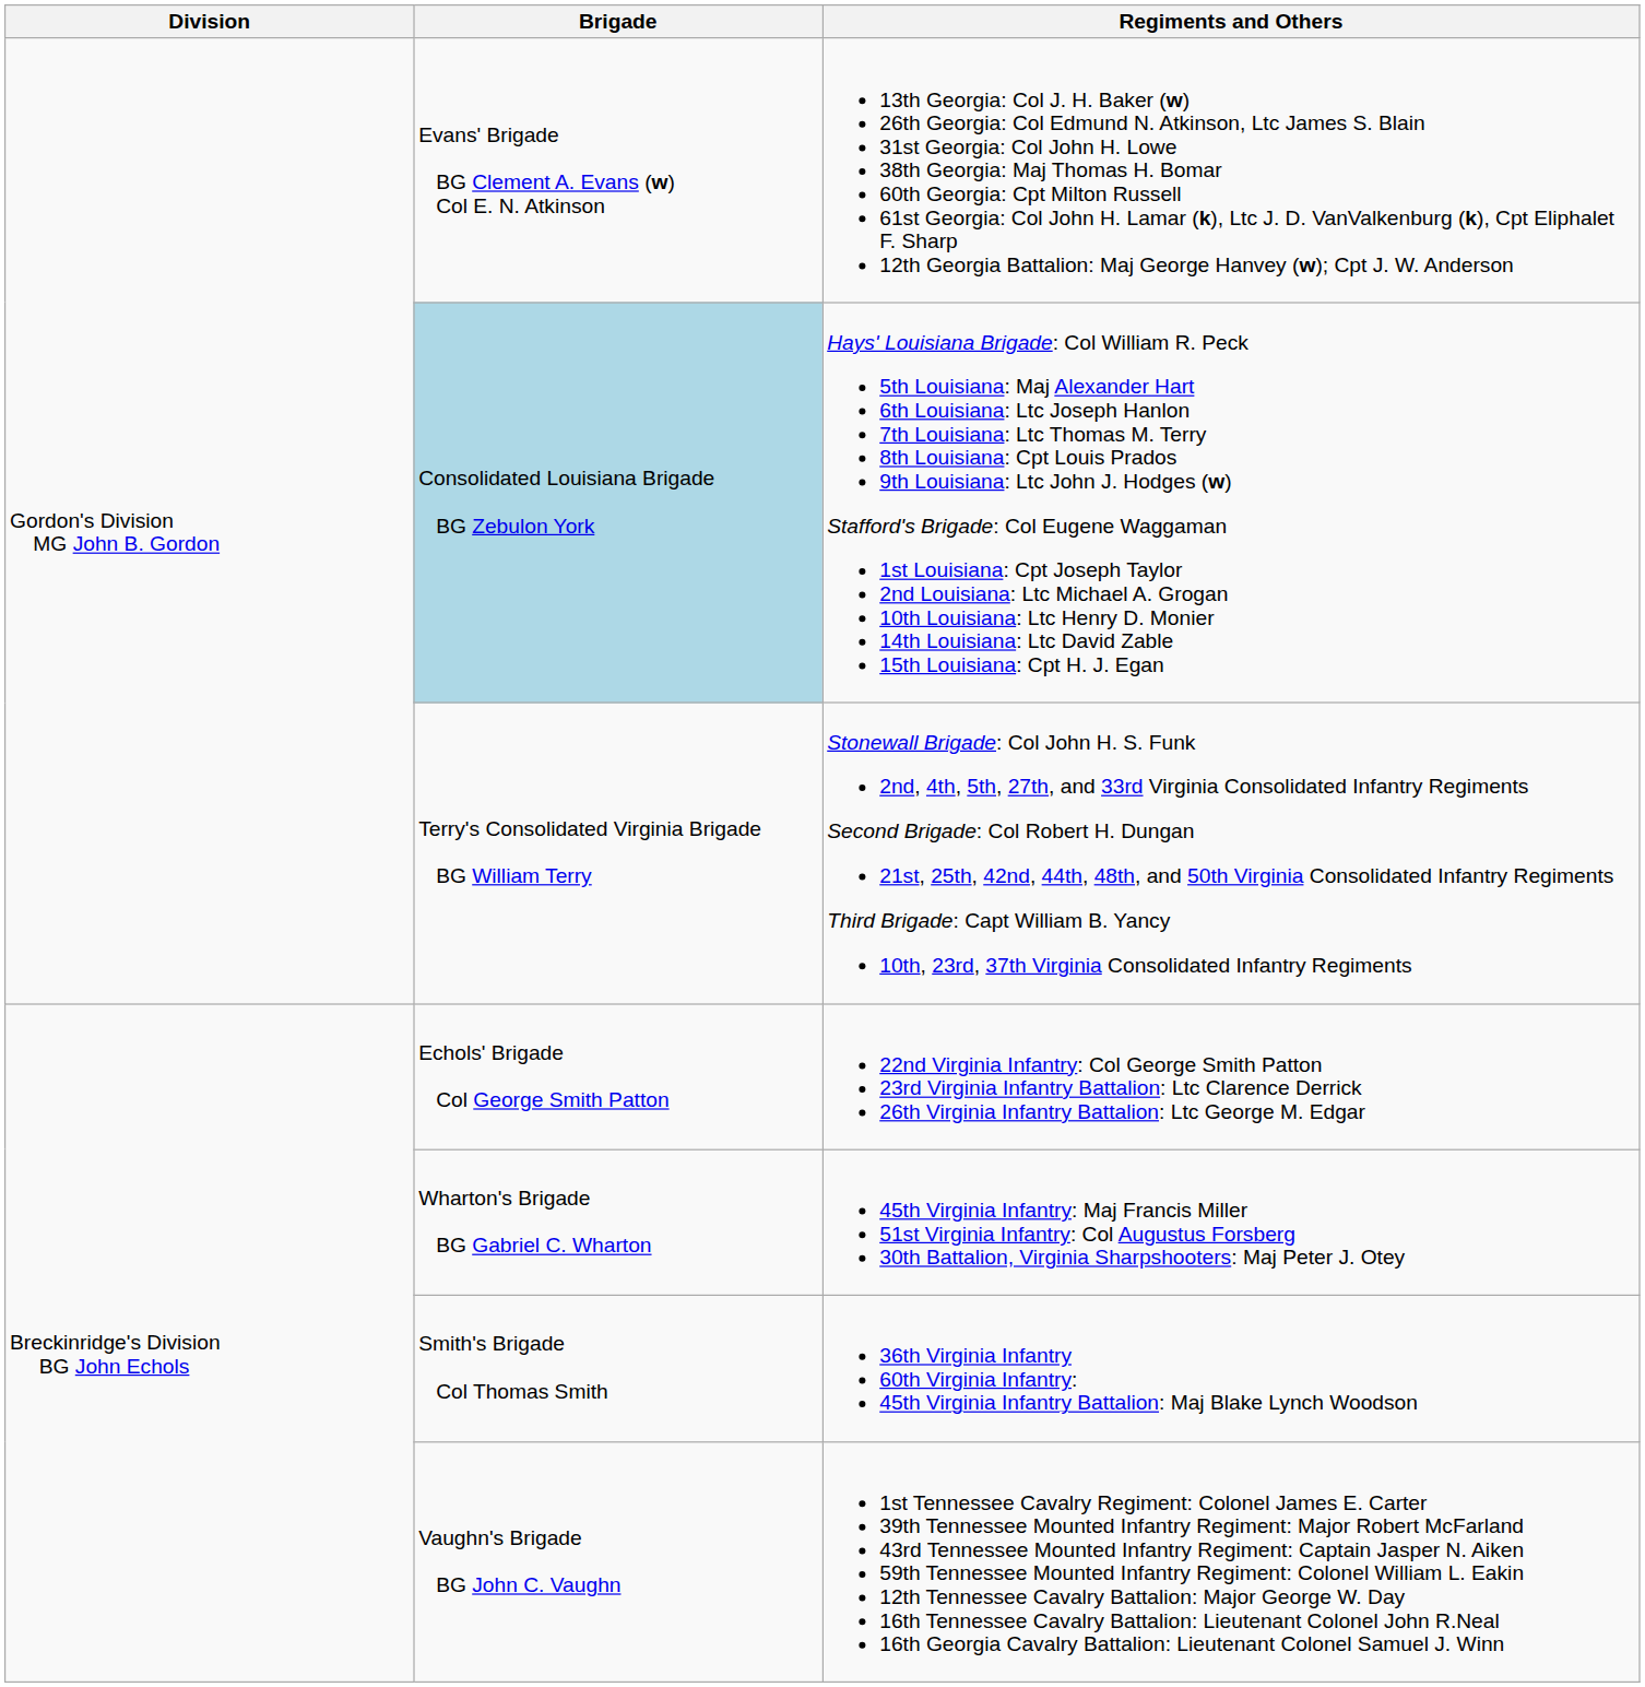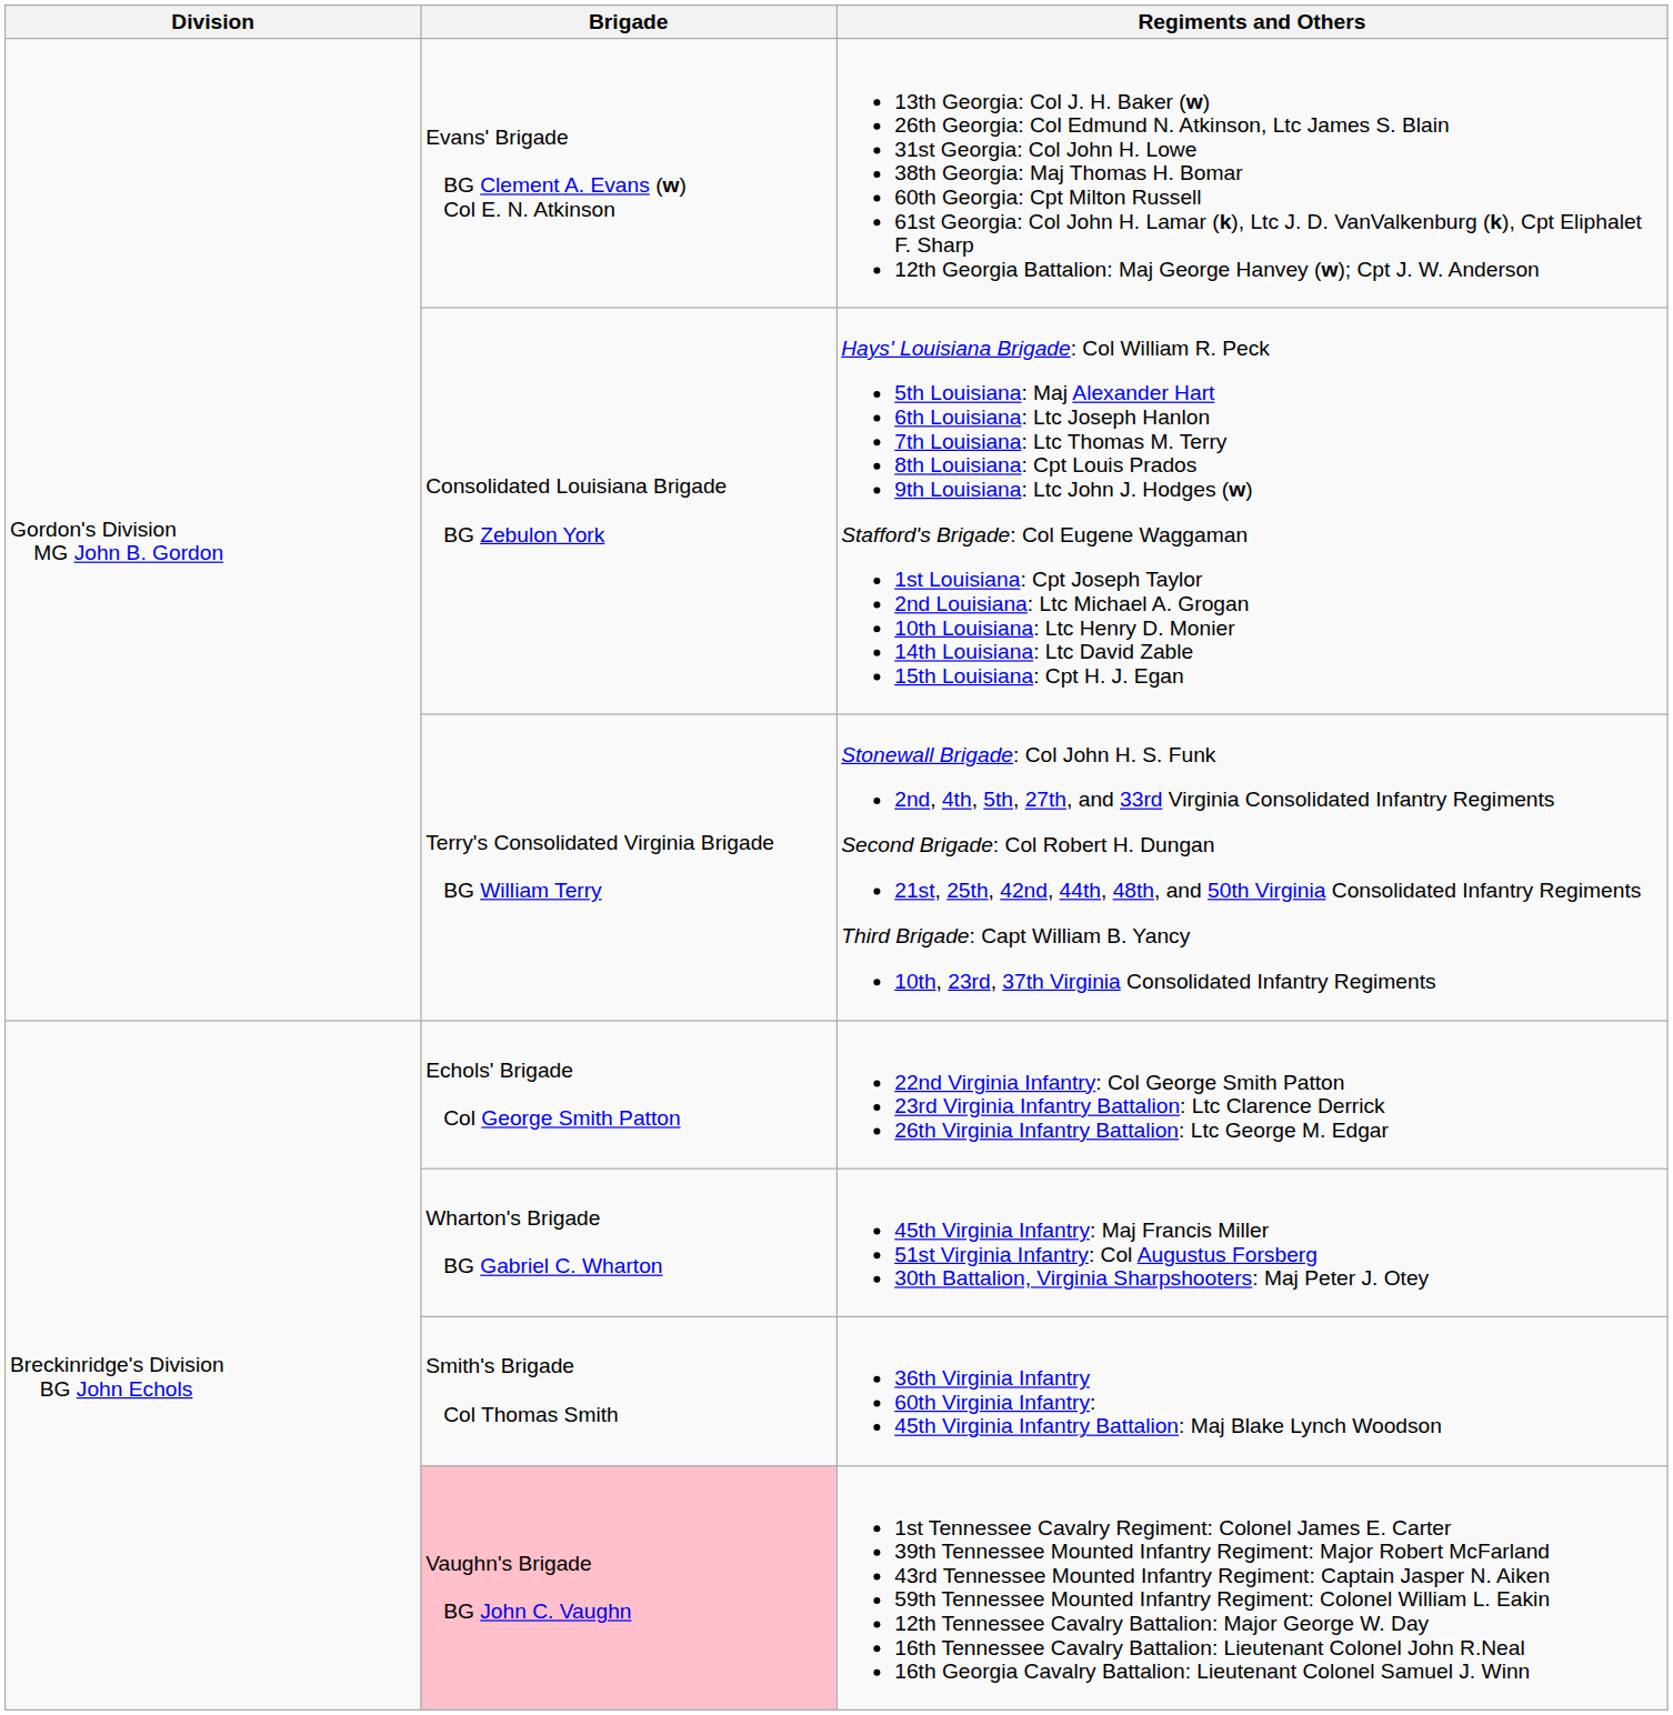 <table class="wikitable">
 <tr>
 <th width=25%>Division</th>
 <th width=25%>Brigade</th>
 <th>Regiments and Others</th>
 </tr>
 <tr>
 <td rowspan=3><br>Gordon's Division <br>     MG <a href='#'>John B. Gordon</a></td>
 <td>Evans' Brigade<br><br>   BG <a href='#'>Clement A. Evans</a> (<strong>w</strong>) <br>   Col E. N. Atkinson</td>
 <td><br><ul><li>13th Georgia: Col J. H. Baker (<strong>w</strong>)</li><li>26th Georgia: Col Edmund N. Atkinson, Ltc James S. Blain</li><li>31st Georgia: Col John H. Lowe</li><li>38th Georgia: Maj Thomas H. Bomar</li><li>60th Georgia: Cpt Milton Russell</li><li>61st Georgia: Col John H. Lamar (<strong>k</strong>), Ltc J. D. VanValkenburg (<strong>k</strong>), Cpt Eliphalet F. Sharp</li><li>12th Georgia Battalion: Maj George Hanvey (<strong>w</strong>); Cpt J. W. Anderson</li></ul></td>
 </tr>
 <tr>
-<td style="background: lightblue;">Consolidated Louisiana Brigade<br><br>   BG <a href='#'>Zebulon York</a></td>
+<td>Consolidated Louisiana Brigade<br><br>   BG <a href='#'>Zebulon York</a></td>
 <td><br><em><a href='#'>Hays' Louisiana Brigade</a></em>: Col William R. Peck<ul><li><a href='#'>5th Louisiana</a>: Maj <a href='#'>Alexander Hart</a></li><li><a href='#'>6th Louisiana</a>: Ltc Joseph Hanlon</li><li><a href='#'>7th Louisiana</a>: Ltc Thomas M. Terry</li><li><a href='#'>8th Louisiana</a>: Cpt Louis Prados</li><li><a href='#'>9th Louisiana</a>: Ltc John J. Hodges (<strong>w</strong>)</li></ul><em>Stafford's Brigade</em>: Col Eugene Waggaman<ul><li><a href='#'>1st Louisiana</a>: Cpt Joseph Taylor</li><li><a href='#'>2nd Louisiana</a>: Ltc Michael A. Grogan</li><li><a href='#'>10th Louisiana</a>: Ltc Henry D. Monier</li><li><a href='#'>14th Louisiana</a>: Ltc David Zable</li><li><a href='#'>15th Louisiana</a>: Cpt H. J. Egan</li></ul></td>
 </tr>
 <tr>
 <td>Terry's Consolidated Virginia Brigade<br><br>   BG <a href='#'>William Terry</a></td>
 <td><br><em><a href='#'>Stonewall Brigade</a></em>: Col John H. S. Funk<ul><li><a href='#'>2nd</a>, <a href='#'>4th</a>, <a href='#'>5th</a>, <a href='#'>27th</a>, and <a href='#'>33rd</a> Virginia Consolidated Infantry Regiments</li></ul><em>Second Brigade</em>: Col Robert H. Dungan<ul><li><a href='#'>21st</a>, <a href='#'>25th</a>, <a href='#'>42nd</a>, <a href='#'>44th</a>, <a href='#'>48th</a>, and <a href='#'>50th Virginia</a> Consolidated Infantry Regiments</li></ul><em>Third Brigade</em>: Capt William B. Yancy<ul><li><a href='#'>10th</a>, <a href='#'>23rd</a>, <a href='#'>37th Virginia</a> Consolidated Infantry Regiments</li></ul></td>
 </tr>
 <tr>
 <td rowspan=4><br>Breckinridge's Division <br>      BG <a href='#'>John Echols</a></td>
 <td>Echols' Brigade<br><br>   Col <a href='#'>George Smith Patton</a></td>
 <td><br><ul><li><a href='#'>22nd Virginia Infantry</a>: Col George Smith Patton</li><li><a href='#'>23rd Virginia Infantry Battalion</a>: Ltc Clarence Derrick</li><li><a href='#'>26th Virginia Infantry Battalion</a>: Ltc George M. Edgar</li></ul></td>
 </tr>
 <tr>
 <td>Wharton's Brigade<br><br>   BG <a href='#'>Gabriel C. Wharton</a></td>
 <td><br><ul><li><a href='#'>45th Virginia Infantry</a>: Maj Francis Miller</li><li><a href='#'>51st Virginia Infantry</a>: Col <a href='#'>Augustus Forsberg</a></li><li><a href='#'>30th Battalion, Virginia Sharpshooters</a>: Maj Peter J. Otey</li></ul></td>
 </tr>
 <tr>
 <td>Smith's Brigade<br><br>   Col Thomas Smith</td>
 <td><br><ul><li><a href='#'>36th Virginia Infantry</a></li><li><a href='#'>60th Virginia Infantry</a>:</li><li><a href='#'>45th Virginia Infantry Battalion</a>: Maj Blake Lynch Woodson</li></ul></td>
 </tr>
 <tr>
-<td>Vaughn's Brigade<br><br>   BG <a href='#'>John C. Vaughn</a></td>
+<td style="background: pink;">Vaughn's Brigade<br><br>   BG <a href='#'>John C. Vaughn</a></td>
 <td><br><ul><li>1st Tennessee Cavalry Regiment: Colonel James E. Carter</li><li>39th Tennessee Mounted Infantry Regiment: Major Robert McFarland</li><li>43rd Tennessee Mounted Infantry Regiment: Captain Jasper N. Aiken</li><li>59th Tennessee Mounted Infantry Regiment: Colonel William L. Eakin</li><li>12th Tennessee Cavalry Battalion: Major George W. Day</li><li>16th Tennessee Cavalry Battalion: Lieutenant Colonel John R.Neal</li><li>16th Georgia Cavalry Battalion: Lieutenant Colonel Samuel J. Winn</li></ul></td>
 </tr>
 </table>
